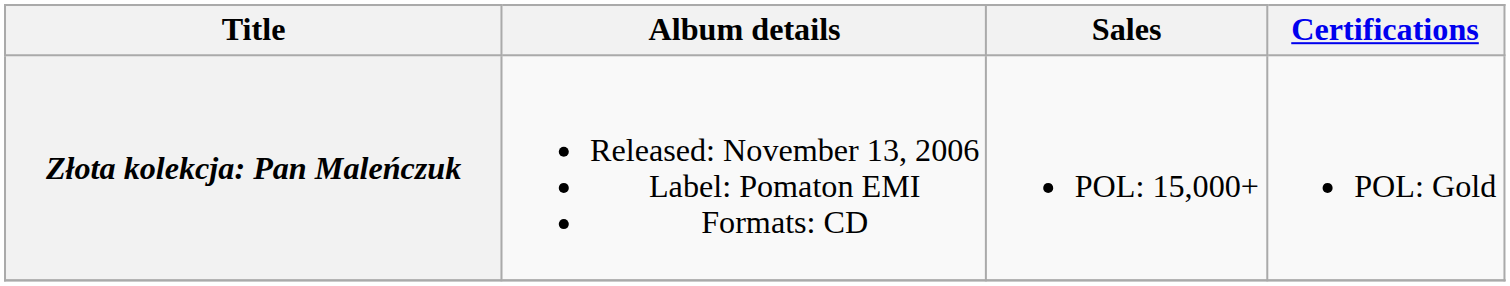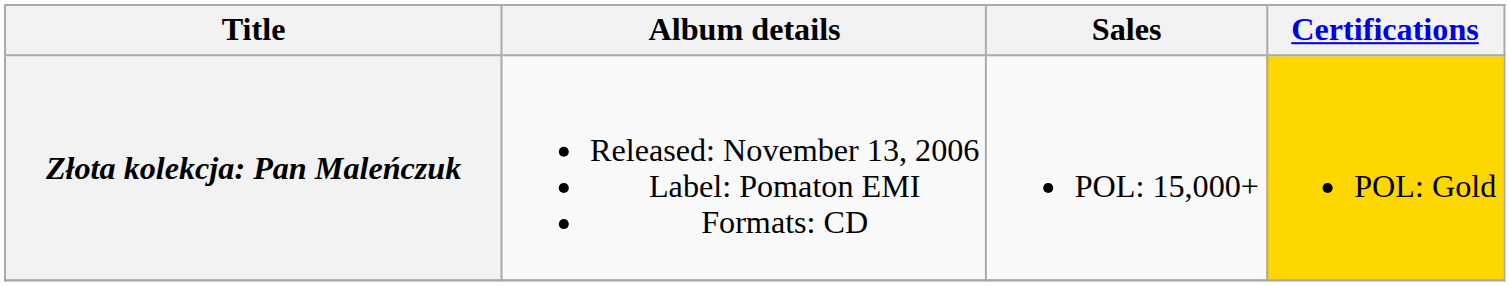 <table class="wikitable plainrowheaders" style="text-align:center;">
 <tr>
 <th scope="col" style="width:15em;">Title</th>
 <th scope="col">Album details</th>
 <th scope="col">Sales</th>
 <th scope="col"><a href='#'>Certifications</a></th>
 </tr>
 <tr>
 <th scope="row"><em>Złota kolekcja: Pan Maleńczuk</em></th>
 <td><br><ul><li>Released: November 13, 2006</li><li>Label: Pomaton EMI</li><li>Formats: CD</li></ul></td>
 <td><br><ul><li>POL: 15,000+</li></ul></td>
-<td><br><ul><li>POL: Gold</li></ul></td>
+<td style="background: gold;"><br><ul><li>POL: Gold</li></ul></td>
 </tr>
 <tr>
 </tr>
 </table>
